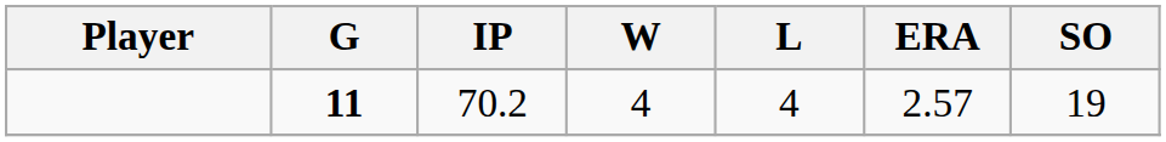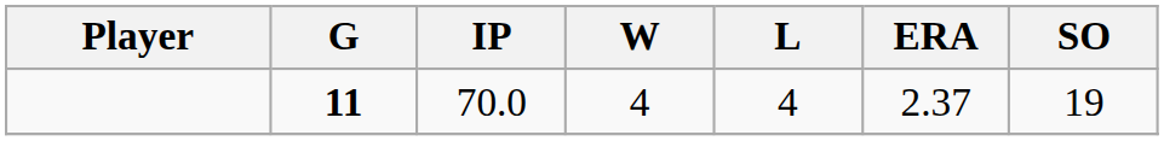 <table class="wikitable sortable">
 <tr>
 <th bgcolor="#DDDDFF" width="16%">Player</th>
 <th bgcolor="#DDDDFF" width="9%">G</th>
 <th bgcolor="#DDDDFF" width="9%">IP</th>
 <th bgcolor="#DDDDFF" width="9%">W</th>
 <th bgcolor="#DDDDFF" width="9%">L</th>
 <th bgcolor="#DDDDFF" width="9%">ERA</th>
 <th bgcolor="#DDDDFF" width="9%">SO</th>
 </tr>
 <tr align="center">
 <td></td>
 <td><strong>11</strong></td>
-<td>70.2</td>
+<td>70.0</td>
 <td>4</td>
 <td>4</td>
-<td>2.57</td>
+<td>2.37</td>
 <td>19</td>
 </tr>
 <tr align="center">
 </tr>
 </table>
